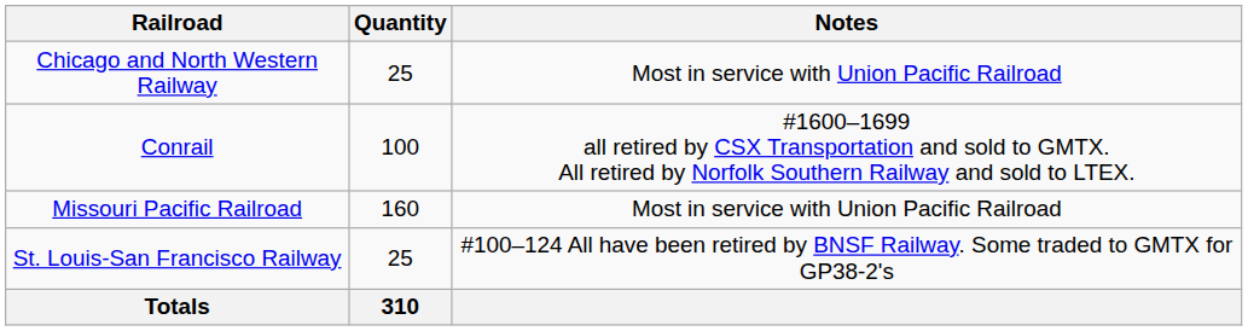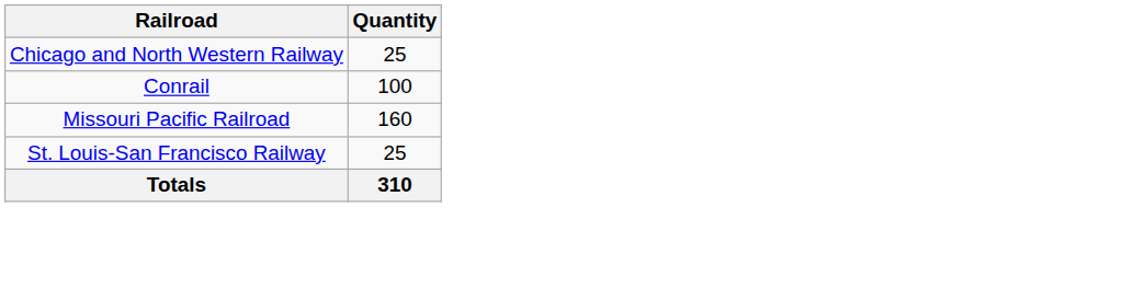 <table class="wikitable">
 <tr>
 <th>Railroad</th>
 <th>Quantity</th>
-<th>Notes</th>
 </tr>
 <tr align="center">
 <td><a href='#'>Chicago and North Western Railway</a></td>
 <td>25</td>
-<td>Most in service with <a href='#'>Union Pacific Railroad</a></td>
 </tr>
 <tr align="center">
 <td><a href='#'>Conrail</a></td>
 <td>100</td>
-<td>#1600–1699 <br> all retired by <a href='#'>CSX Transportation</a> and sold to GMTX. <br> All retired by <a href='#'>Norfolk Southern Railway</a> and sold to LTEX.</td>
 </tr>
 <tr align="center">
 <td><a href='#'>Missouri Pacific Railroad</a></td>
 <td>160</td>
-<td>Most in service with Union Pacific Railroad</td>
 </tr>
 <tr align="center">
 <td><a href='#'>St. Louis-San Francisco Railway</a></td>
 <td>25</td>
-<td>#100–124 All have been retired by <a href='#'>BNSF Railway</a>. Some traded to GMTX for GP38-2's</td>
 </tr>
 <tr>
 <th>Totals</th>
 <th>310</th>
-<th></th>
 </tr>
 </table>
